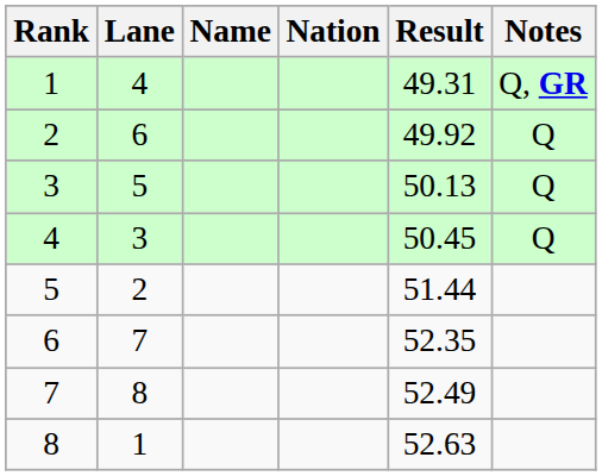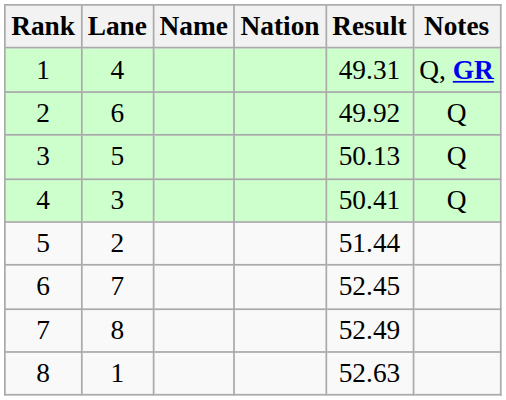 <table class="wikitable" style="text-align:center">
 <tr>
 <th>Rank</th>
 <th>Lane</th>
 <th>Name</th>
 <th>Nation</th>
 <th>Result</th>
 <th>Notes</th>
 </tr>
 <tr bgcolor="ccffcc">
 <td>1</td>
 <td>4</td>
 <td align="left"></td>
 <td align=left></td>
 <td>49.31</td>
 <td>Q, <strong><a href='#'>GR</a></strong></td>
 </tr>
 <tr bgcolor="ccffcc">
 <td>2</td>
 <td>6</td>
 <td align="left"></td>
 <td align=left></td>
 <td>49.92</td>
 <td>Q</td>
 </tr>
 <tr bgcolor="ccffcc">
 <td>3</td>
 <td>5</td>
 <td align="left"></td>
 <td align=left></td>
 <td>50.13</td>
 <td>Q</td>
 </tr>
 <tr bgcolor="ccffcc">
 <td>4</td>
 <td>3</td>
 <td align="left"></td>
 <td align=left></td>
-<td>50.45</td>
+<td>50.41</td>
 <td>Q</td>
 </tr>
 <tr>
 <td>5</td>
 <td>2</td>
 <td align="left"></td>
 <td align=left></td>
 <td>51.44</td>
 <td></td>
 </tr>
 <tr>
 <td>6</td>
 <td>7</td>
 <td align="left"></td>
 <td align=left></td>
-<td>52.35</td>
+<td>52.45</td>
 <td></td>
 </tr>
 <tr>
 <td>7</td>
 <td>8</td>
 <td align="left"></td>
 <td align=left></td>
 <td>52.49</td>
 <td></td>
 </tr>
 <tr>
 <td>8</td>
 <td>1</td>
 <td align="left"></td>
 <td align=left></td>
 <td>52.63</td>
 <td></td>
 </tr>
 </table>
